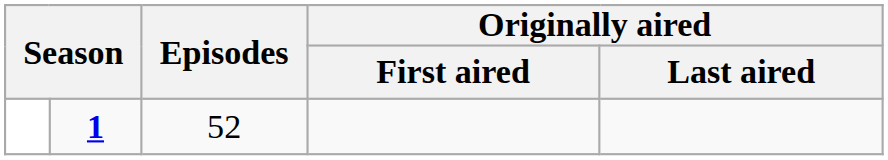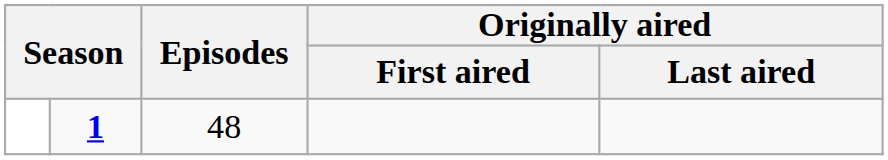 <table class="wikitable plainrowheaders" style="text-align: center;">
 <tr>
 <th scope="col" style="padding:0 8px;" rowspan="2" colspan="2">Season</th>
 <th scope="col" style="padding:0 8px;" rowspan="2">Episodes</th>
 <th scope="col" style="padding:0 80px;" colspan="2">Originally aired</th>
 </tr>
 <tr>
 <th scope="col">First aired</th>
 <th scope="col">Last aired</th>
 </tr>
 <tr>
 <td scope="row" style="background:#FFFFFF; color:#100;"></td>
 <td><strong><a href='#'>1</a></strong></td>
-<td>52</td>
+<td>48</td>
 <td></td>
 <td></td>
 </tr>
 </table>
